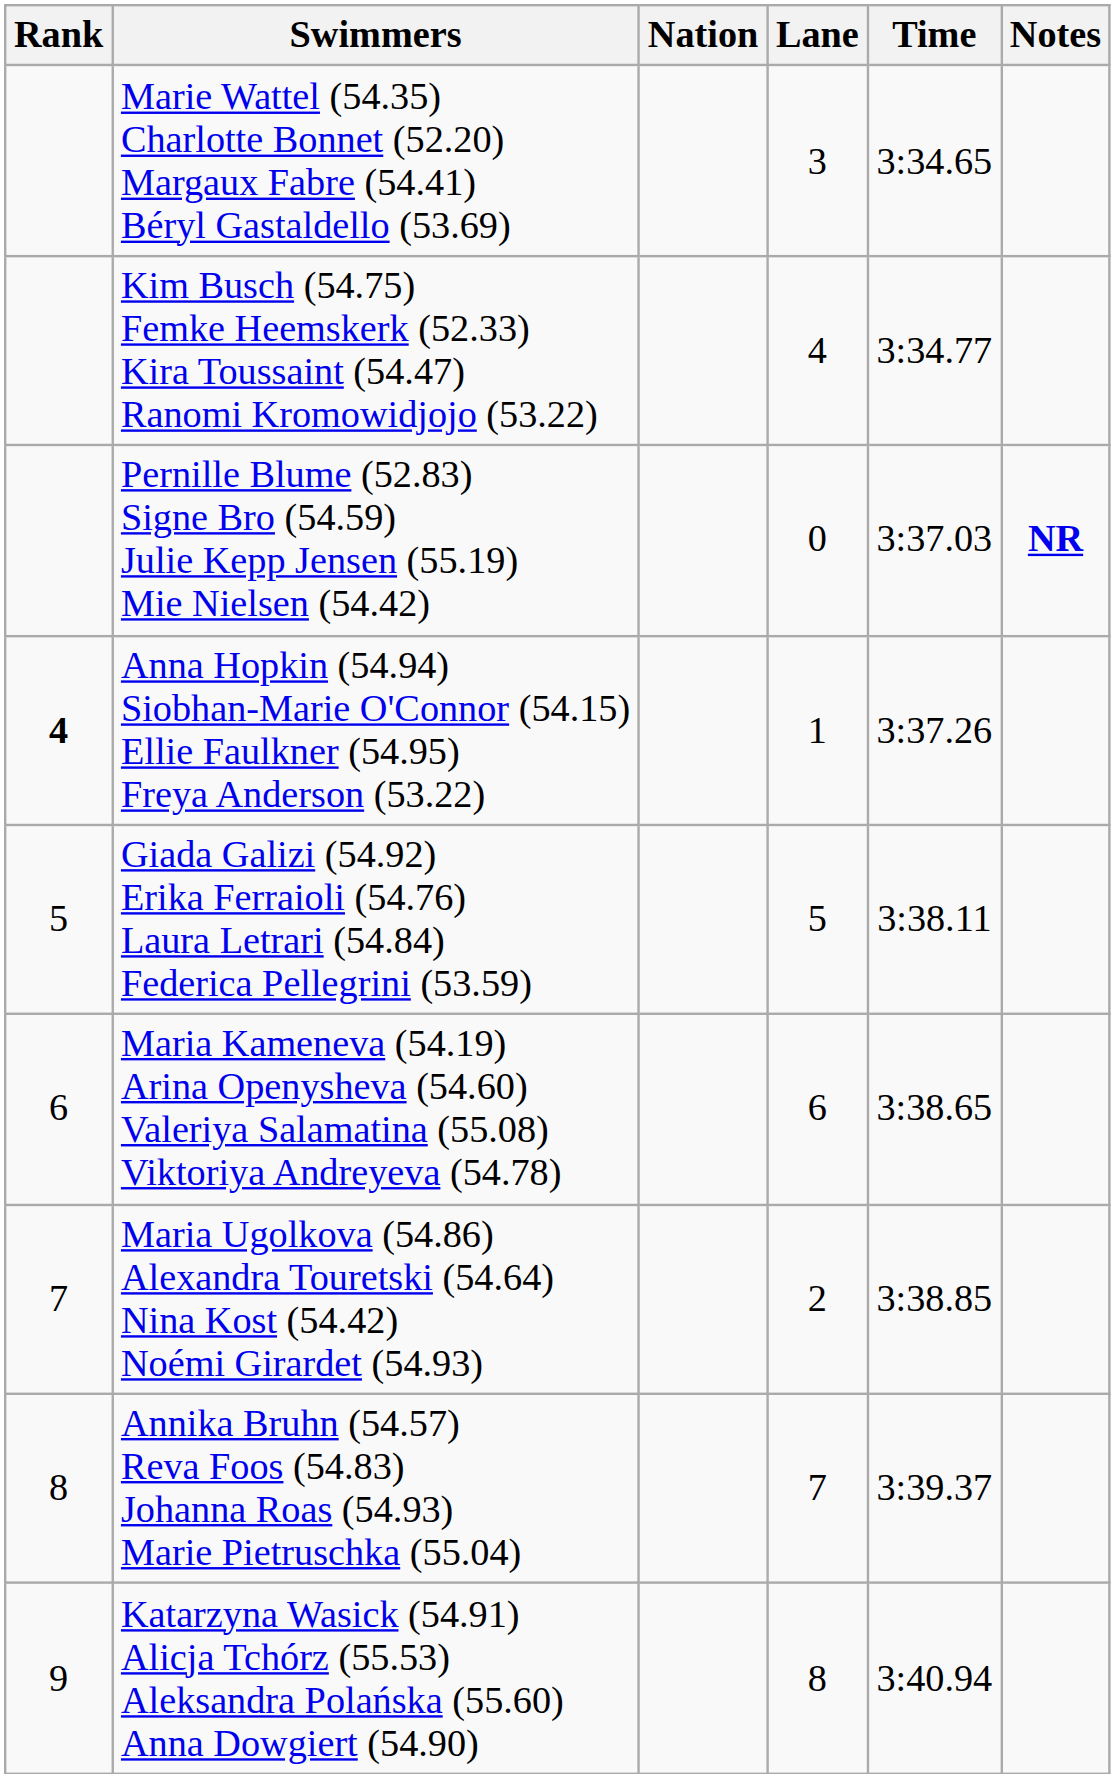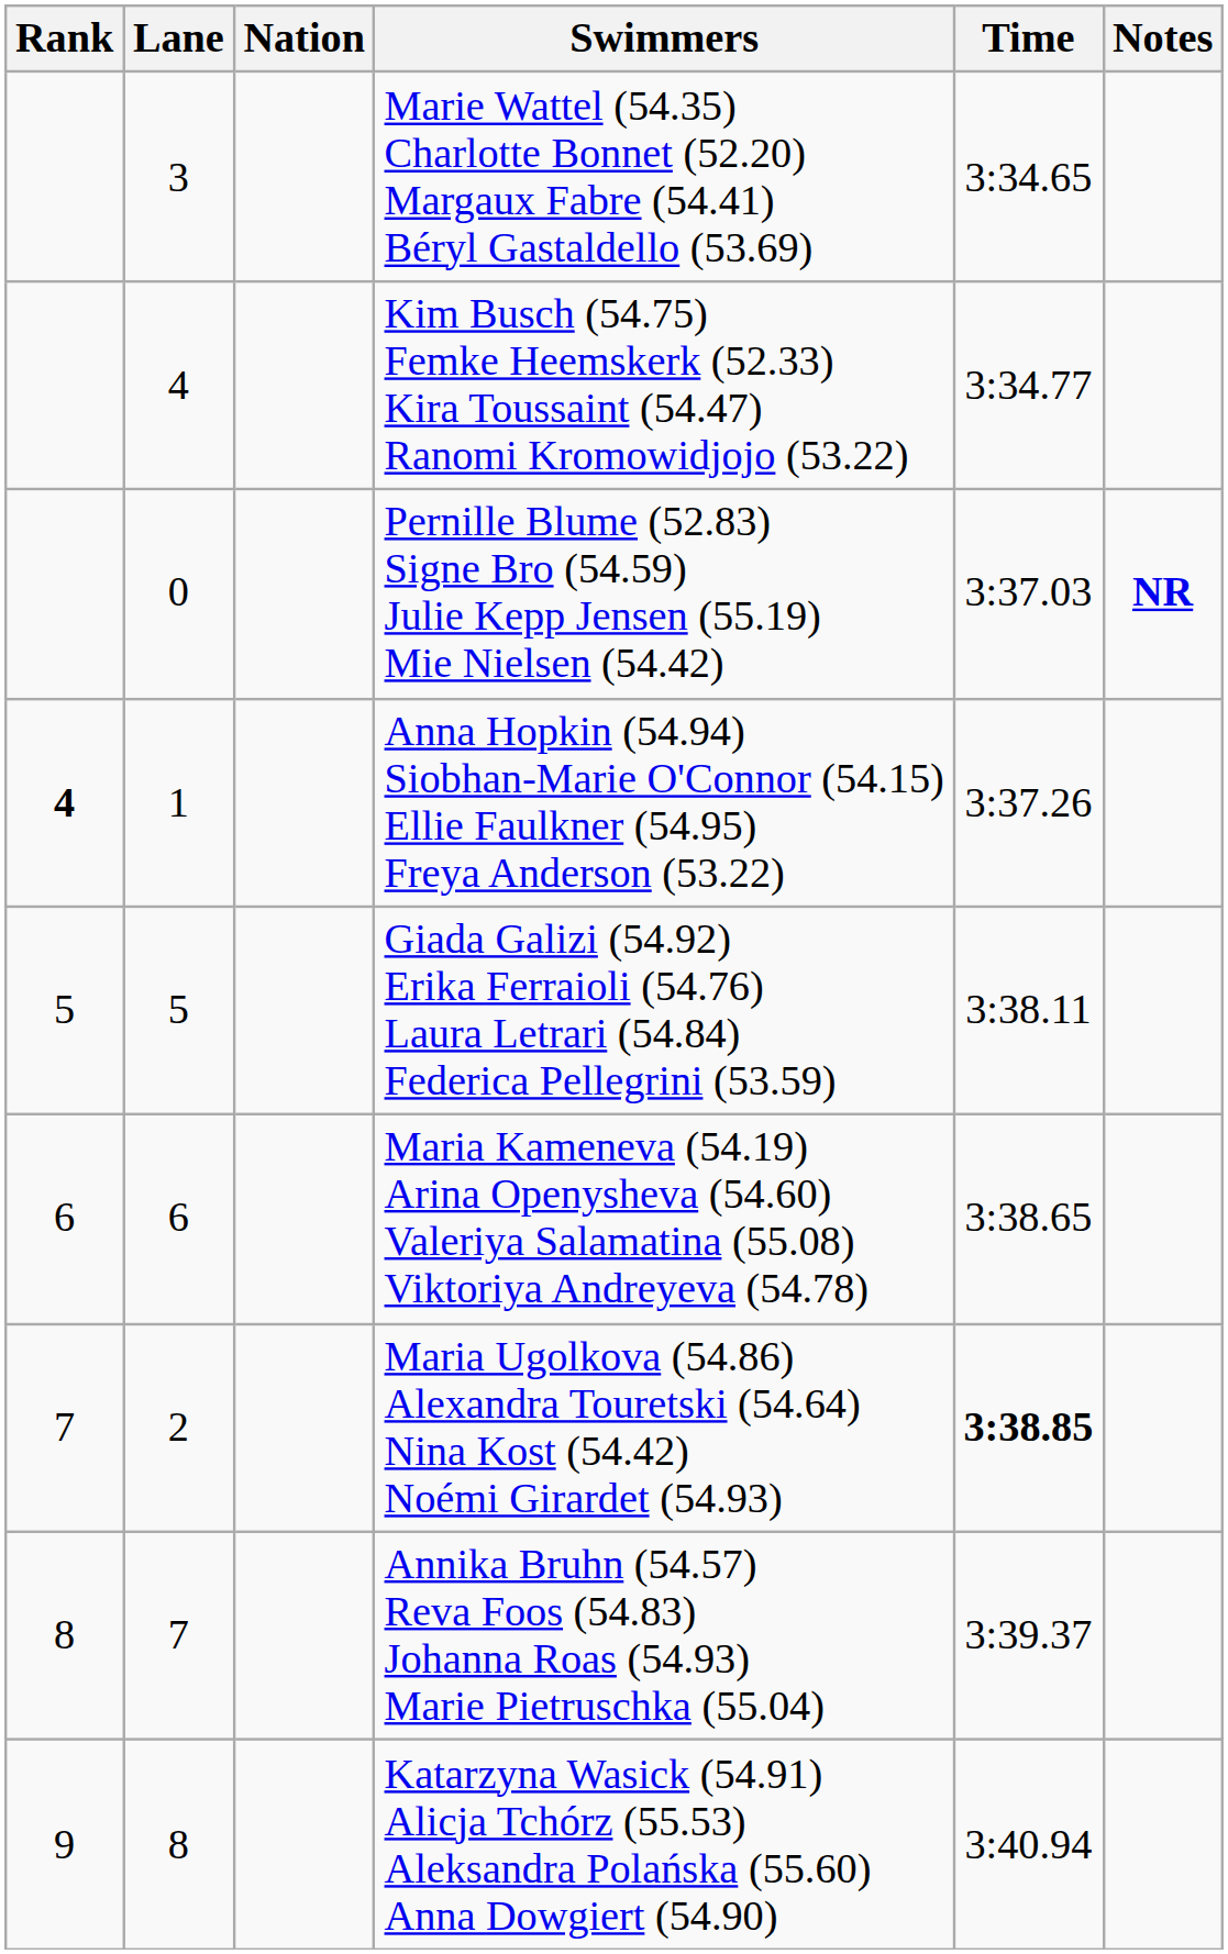 <table class="wikitable sortable" style="text-align:center">
 <tr>
 <th>Rank</th>
+<th>Lane</th>
+<th>Nation</th>
 <th>Swimmers</th>
-<th>Nation</th>
-<th>Lane</th>
 <th>Time</th>
 <th>Notes</th>
 </tr>
 <tr>
 <td></td>
+<td>3</td>
+<td align=left></td>
 <td align=left><a href='#'>Marie Wattel</a> (54.35)<br><a href='#'>Charlotte Bonnet</a> (52.20)<br><a href='#'>Margaux Fabre</a> (54.41)<br><a href='#'>Béryl Gastaldello</a> (53.69)</td>
-<td align=left></td>
-<td>3</td>
 <td>3:34.65</td>
 <td></td>
 </tr>
 <tr>
 <td></td>
+<td>4</td>
+<td align=left></td>
 <td align=left><a href='#'>Kim Busch</a> (54.75)<br><a href='#'>Femke Heemskerk</a> (52.33)<br><a href='#'>Kira Toussaint</a> (54.47)<br><a href='#'>Ranomi Kromowidjojo</a> (53.22)</td>
-<td align=left></td>
-<td>4</td>
 <td>3:34.77</td>
 <td></td>
 </tr>
 <tr>
 <td></td>
+<td>0</td>
+<td align=left></td>
 <td align=left><a href='#'>Pernille Blume</a> (52.83)<br><a href='#'>Signe Bro</a> (54.59)<br><a href='#'>Julie Kepp Jensen</a> (55.19)<br><a href='#'>Mie Nielsen</a> (54.42)</td>
-<td align=left></td>
-<td>0</td>
 <td>3:37.03</td>
 <td><strong><a href='#'>NR</a></strong></td>
 </tr>
 <tr>
 <td><strong>4</strong></td>
+<td>1</td>
+<td align=left></td>
 <td align=left><a href='#'>Anna Hopkin</a> (54.94)<br><a href='#'>Siobhan-Marie O'Connor</a> (54.15)<br><a href='#'>Ellie Faulkner</a> (54.95)<br><a href='#'>Freya Anderson</a> (53.22)</td>
-<td align=left></td>
-<td>1</td>
 <td>3:37.26</td>
 <td></td>
 </tr>
 <tr>
 <td>5</td>
+<td>5</td>
+<td align=left></td>
 <td align=left><a href='#'>Giada Galizi</a> (54.92)<br><a href='#'>Erika Ferraioli</a> (54.76)<br><a href='#'>Laura Letrari</a> (54.84)<br><a href='#'>Federica Pellegrini</a> (53.59)</td>
-<td align=left></td>
-<td>5</td>
 <td>3:38.11</td>
 <td></td>
 </tr>
 <tr>
 <td>6</td>
+<td>6</td>
+<td align=left></td>
 <td align=left><a href='#'>Maria Kameneva</a> (54.19)<br><a href='#'>Arina Openysheva</a> (54.60)<br><a href='#'>Valeriya Salamatina</a> (55.08)<br><a href='#'>Viktoriya Andreyeva</a> (54.78)</td>
-<td align=left></td>
-<td>6</td>
 <td>3:38.65</td>
 <td></td>
 </tr>
 <tr>
 <td>7</td>
+<td>2</td>
+<td align=left></td>
 <td align=left><a href='#'>Maria Ugolkova</a> (54.86)<br><a href='#'>Alexandra Touretski</a> (54.64)<br><a href='#'>Nina Kost</a> (54.42)<br><a href='#'>Noémi Girardet</a> (54.93)</td>
-<td align=left></td>
-<td>2</td>
-<td>3:38.85</td>
+<td><strong>3:38.85</strong></td>
 <td></td>
 </tr>
 <tr>
 <td>8</td>
+<td>7</td>
+<td align=left></td>
 <td align=left><a href='#'>Annika Bruhn</a> (54.57)<br><a href='#'>Reva Foos</a> (54.83)<br><a href='#'>Johanna Roas</a> (54.93)<br><a href='#'>Marie Pietruschka</a> (55.04)</td>
-<td align=left></td>
-<td>7</td>
 <td>3:39.37</td>
 <td align=left></td>
 </tr>
 <tr>
 <td>9</td>
+<td>8</td>
+<td align=left></td>
 <td align=left><a href='#'>Katarzyna Wasick</a> (54.91)<br><a href='#'>Alicja Tchórz</a> (55.53)<br><a href='#'>Aleksandra Polańska</a> (55.60)<br><a href='#'>Anna Dowgiert</a> (54.90)</td>
-<td align=left></td>
-<td>8</td>
 <td>3:40.94</td>
 <td></td>
 </tr>
 </table>
